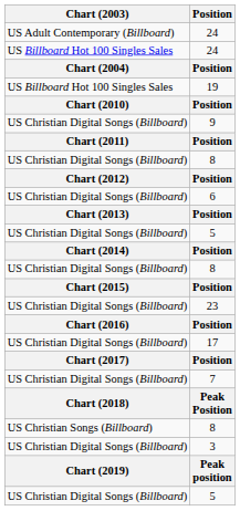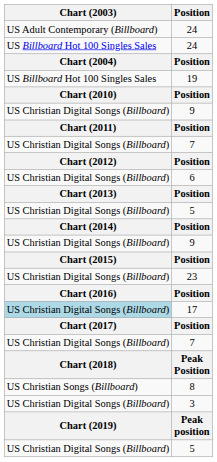 <table class="wikitable">
 <tr>
 <th>Chart (2003)</th>
 <th>Position</th>
 </tr>
 <tr>
 <td>US Adult Contemporary (<em>Billboard</em>)</td>
 <td align="center">24</td>
 </tr>
 <tr>
 <td>US <a href='#'><em>Billboard</em> Hot 100 Singles Sales</a></td>
 <td align="center">24</td>
 </tr>
 <tr>
 <th>Chart (2004)</th>
 <th>Position</th>
 </tr>
 <tr>
 <td>US <em>Billboard</em> Hot 100 Singles Sales</td>
 <td align="center">19</td>
 </tr>
 <tr>
 <th align="left">Chart (2010)</th>
 <th align="center">Position</th>
 </tr>
 <tr>
 <td>US Christian Digital Songs (<em>Billboard</em>)</td>
 <td align="center">9</td>
 </tr>
 <tr>
 <th align="left">Chart (2011)</th>
 <th align="center">Position</th>
 </tr>
 <tr>
 <td>US Christian Digital Songs (<em>Billboard</em>)</td>
-<td align="center">8</td>
+<td align="center">7</td>
 </tr>
 <tr>
 <th align="left">Chart (2012)</th>
 <th align="center">Position</th>
 </tr>
 <tr>
 <td>US Christian Digital Songs (<em>Billboard</em>)</td>
 <td align="center">6</td>
 </tr>
 <tr>
 <th align="left">Chart (2013)</th>
 <th align="center">Position</th>
 </tr>
 <tr>
 <td>US Christian Digital Songs (<em>Billboard</em>)</td>
 <td align="center">5</td>
 </tr>
 <tr>
 <th align="left">Chart (2014)</th>
 <th align="center">Position</th>
 </tr>
 <tr>
 <td>US Christian Digital Songs (<em>Billboard</em>)</td>
-<td align="center">8</td>
+<td align="center">9</td>
 </tr>
 <tr>
 <th align="left">Chart (2015)</th>
 <th align="center">Position</th>
 </tr>
 <tr>
 <td>US Christian Digital Songs (<em>Billboard</em>)</td>
 <td align="center">23</td>
 </tr>
 <tr>
 <th align="left">Chart (2016)</th>
 <th align="center">Position</th>
 </tr>
 <tr>
-<td>US Christian Digital Songs (<em>Billboard</em>)</td>
+<td style="background: lightblue;">US Christian Digital Songs (<em>Billboard</em>)</td>
 <td align="center">17</td>
 </tr>
 <tr>
 <th align="left">Chart (2017)</th>
 <th align="center">Position</th>
 </tr>
 <tr>
 <td>US Christian Digital Songs (<em>Billboard</em>)</td>
 <td align="center">7</td>
 </tr>
 <tr>
 <th align="left">Chart (2018)</th>
 <th align="center">Peak<br> Position</th>
 </tr>
 <tr>
 <td>US Christian Songs (<em>Billboard</em>)</td>
 <td align="center">8</td>
 </tr>
 <tr>
 <td>US Christian Digital Songs (<em>Billboard</em>)</td>
 <td align="center">3</td>
 </tr>
 <tr>
 <th align="left">Chart (2019)</th>
 <th align="center">Peak<br> position</th>
 </tr>
 <tr>
 <td>US Christian Digital Songs (<em>Billboard</em>)</td>
 <td align="center">5</td>
 </tr>
 </table>
